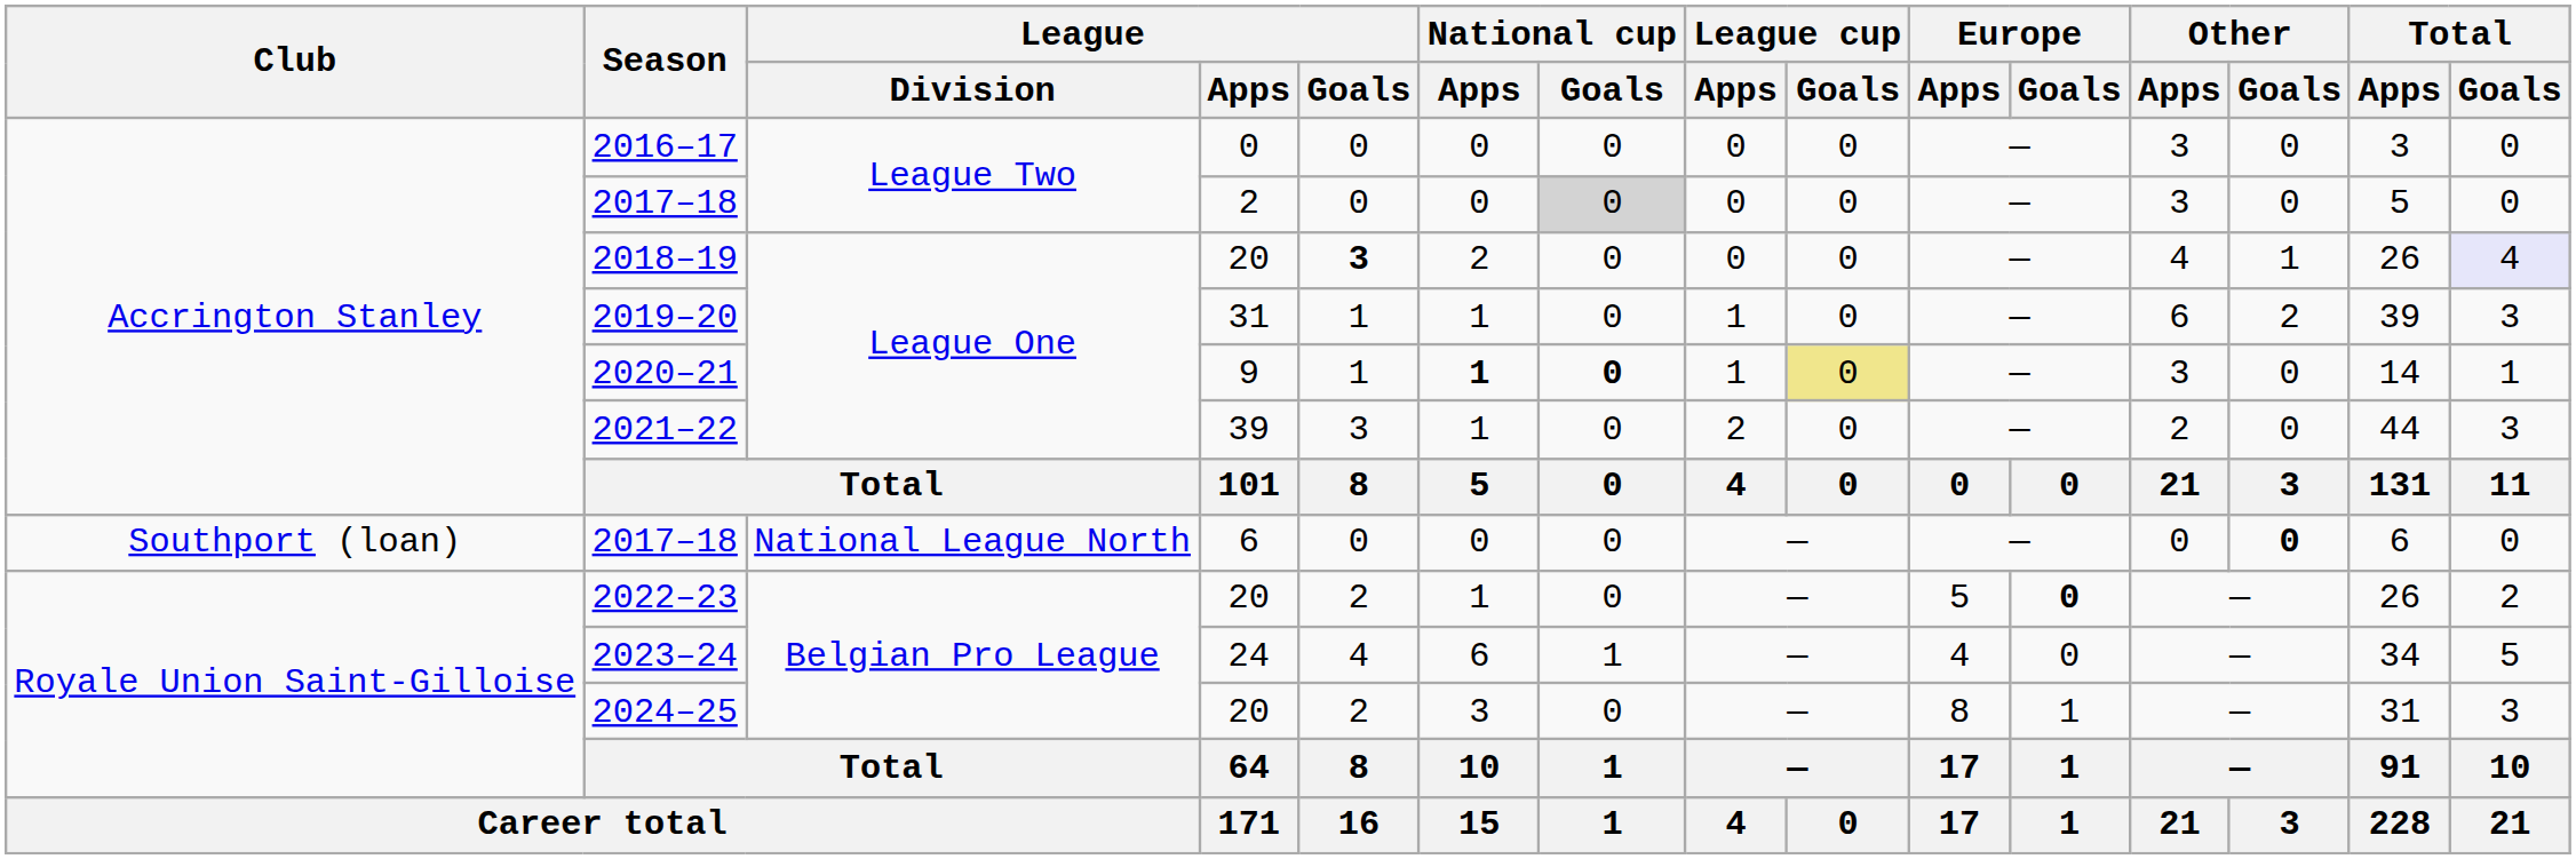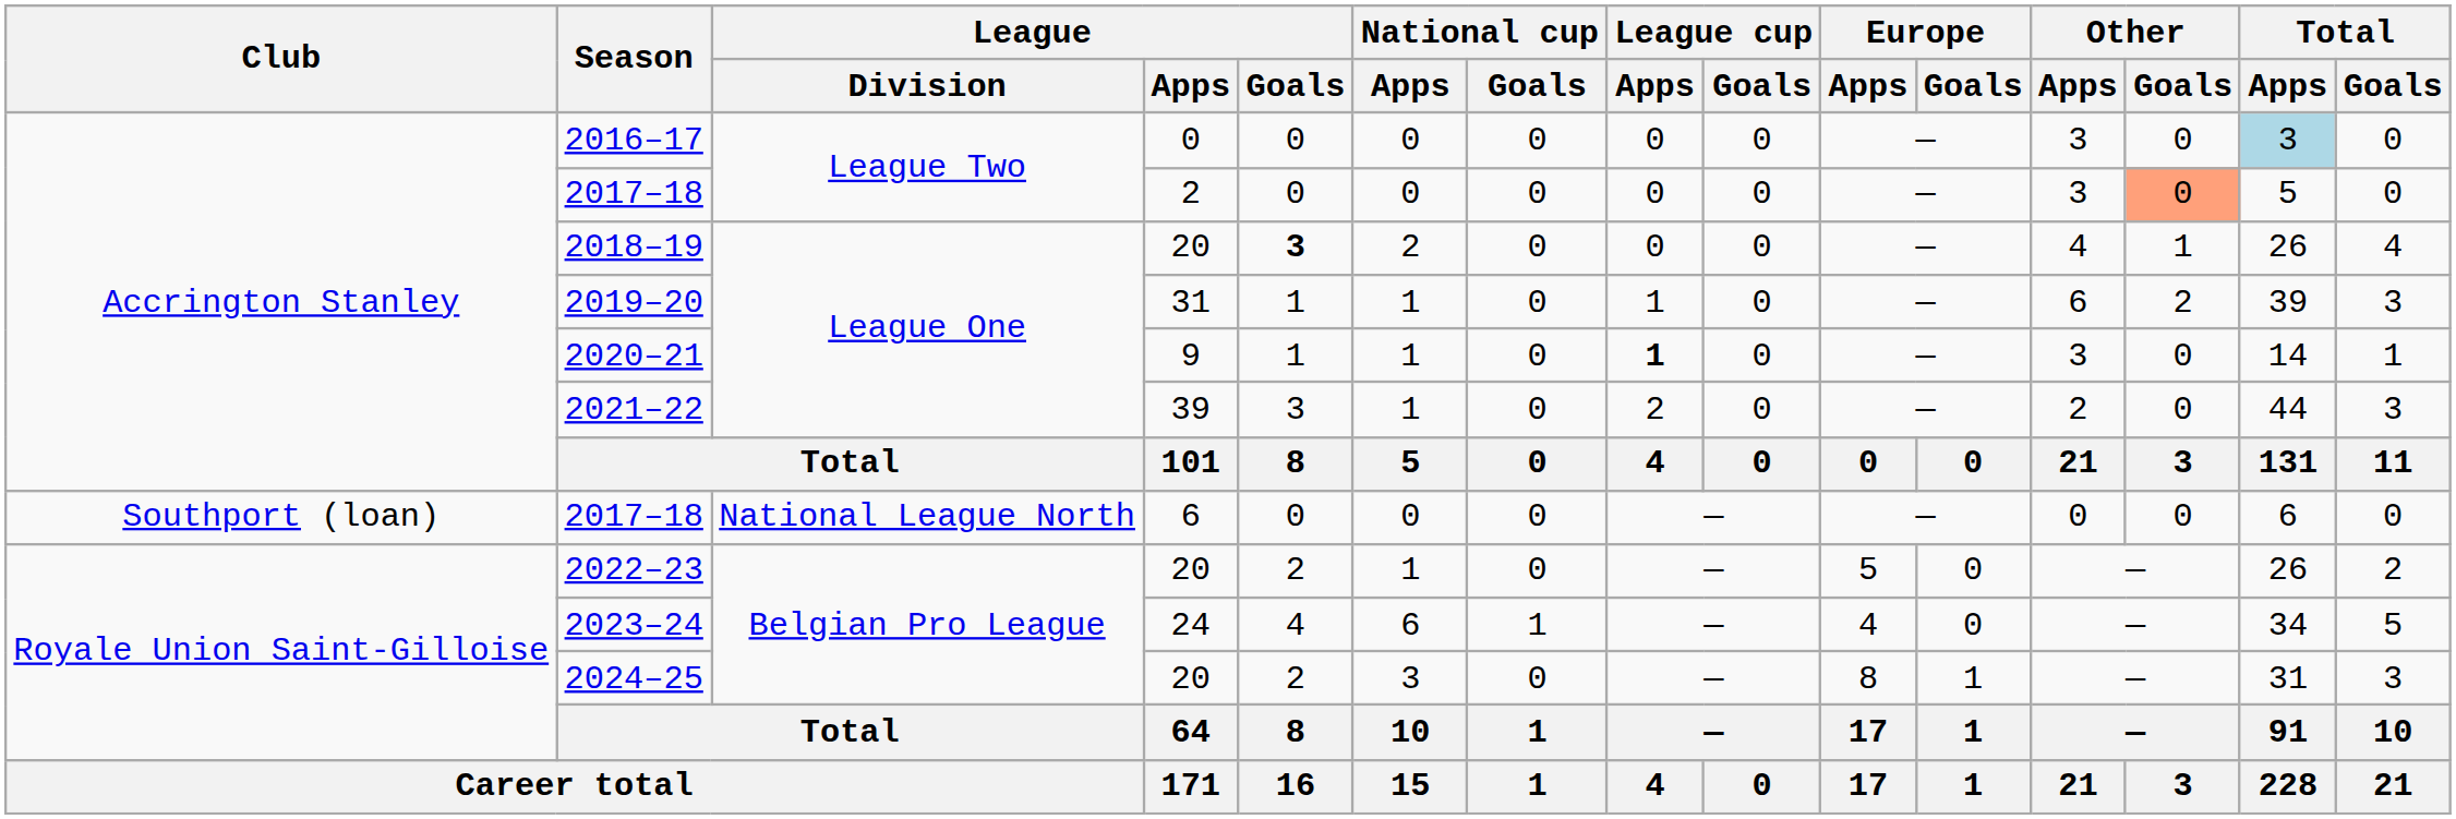 <table class=wikitable style="text-align:center">
 <tr>
 <th rowspan=2>Club</th>
 <th rowspan=2>Season</th>
 <th colspan=3>League</th>
 <th colspan=2>National cup</th>
 <th colspan=2>League cup</th>
 <th colspan=2>Europe</th>
 <th colspan=2>Other</th>
 <th colspan=2>Total</th>
 </tr>
 <tr>
 <th>Division</th>
 <th>Apps</th>
 <th>Goals</th>
 <th>Apps</th>
 <th>Goals</th>
 <th>Apps</th>
 <th>Goals</th>
 <th>Apps</th>
 <th>Goals</th>
 <th>Apps</th>
 <th>Goals</th>
 <th>Apps</th>
 <th>Goals</th>
 </tr>
 <tr>
 <td rowspan="7"><a href='#'>Accrington Stanley</a></td>
 <td><a href='#'>2016–17</a></td>
 <td rowspan="2"><a href='#'>League Two</a></td>
 <td>0</td>
 <td>0</td>
 <td>0</td>
 <td>0</td>
 <td>0</td>
 <td>0</td>
 <td colspan="2">—</td>
 <td>3</td>
 <td>0</td>
-<td>3</td>
+<td style="background: lightblue;">3</td>
 <td>0</td>
 </tr>
 <tr>
 <td><a href='#'>2017–18</a></td>
 <td>2</td>
 <td>0</td>
 <td>0</td>
-<td style="background: lightgrey;">0</td>
+<td>0</td>
 <td>0</td>
 <td>0</td>
 <td colspan="2">—</td>
 <td>3</td>
-<td>0</td>
+<td style="background: lightsalmon;">0</td>
 <td>5</td>
 <td>0</td>
 </tr>
 <tr>
 <td><a href='#'>2018–19</a></td>
 <td rowspan="4"><a href='#'>League One</a></td>
 <td>20</td>
 <td><strong>3</strong></td>
 <td>2</td>
 <td>0</td>
 <td>0</td>
 <td>0</td>
 <td colspan="2">—</td>
 <td>4</td>
 <td>1</td>
 <td>26</td>
-<td style="background: lavender;">4</td>
+<td>4</td>
 </tr>
 <tr>
 <td><a href='#'>2019–20</a></td>
 <td>31</td>
 <td>1</td>
 <td>1</td>
 <td>0</td>
 <td>1</td>
 <td>0</td>
 <td colspan="2">—</td>
 <td>6</td>
 <td>2</td>
 <td>39</td>
 <td>3</td>
 </tr>
 <tr>
 <td><a href='#'>2020–21</a></td>
 <td>9</td>
 <td>1</td>
+<td>1</td>
+<td>0</td>
 <td><strong>1</strong></td>
-<td><strong>0</strong></td>
-<td>1</td>
-<td style="background: khaki;">0</td>
+<td>0</td>
 <td colspan="2">—</td>
 <td>3</td>
 <td>0</td>
 <td>14</td>
 <td>1</td>
 </tr>
 <tr>
 <td><a href='#'>2021–22</a></td>
 <td>39</td>
 <td>3</td>
 <td>1</td>
 <td>0</td>
 <td>2</td>
 <td>0</td>
 <td colspan="2">—</td>
 <td>2</td>
 <td>0</td>
 <td>44</td>
 <td>3</td>
 </tr>
 <tr>
 <th colspan="2">Total</th>
 <th>101</th>
 <th>8</th>
 <th>5</th>
 <th>0</th>
 <th>4</th>
 <th>0</th>
 <th>0</th>
 <th>0</th>
 <th>21</th>
 <th>3</th>
 <th>131</th>
 <th>11</th>
 </tr>
 <tr>
 <td><a href='#'>Southport</a> (loan)</td>
 <td><a href='#'>2017–18</a></td>
 <td><a href='#'>National League North</a></td>
 <td>6</td>
 <td>0</td>
 <td>0</td>
 <td>0</td>
 <td colspan="2">—</td>
 <td colspan="2">—</td>
 <td>0</td>
-<td><strong>0</strong></td>
+<td>0</td>
 <td>6</td>
 <td>0</td>
 </tr>
 <tr>
 <td rowspan="4"><a href='#'>Royale Union Saint-Gilloise</a></td>
 <td><a href='#'>2022–23</a></td>
 <td rowspan="3"><a href='#'>Belgian Pro League</a></td>
 <td>20</td>
 <td>2</td>
 <td>1</td>
 <td>0</td>
 <td colspan="2">—</td>
 <td>5</td>
-<td><strong>0</strong></td>
+<td>0</td>
 <td colspan="2">—</td>
 <td>26</td>
 <td>2</td>
 </tr>
 <tr>
 <td><a href='#'>2023–24</a></td>
 <td>24</td>
 <td>4</td>
 <td>6</td>
 <td>1</td>
 <td colspan="2">—</td>
 <td>4</td>
 <td>0</td>
 <td colspan="2">—</td>
 <td>34</td>
 <td>5</td>
 </tr>
 <tr>
 <td><a href='#'>2024–25</a></td>
 <td>20</td>
 <td>2</td>
 <td>3</td>
 <td>0</td>
 <td colspan="2">—</td>
 <td>8</td>
 <td>1</td>
 <td colspan="2">—</td>
 <td>31</td>
 <td>3</td>
 </tr>
 <tr>
 <th colspan="2">Total</th>
 <th>64</th>
 <th>8</th>
 <th>10</th>
 <th>1</th>
 <th colspan="2">—</th>
 <th>17</th>
 <th>1</th>
 <th colspan="2">—</th>
 <th>91</th>
 <th>10</th>
 </tr>
 <tr>
 <th colspan=3>Career total</th>
 <th>171</th>
 <th>16</th>
 <th>15</th>
 <th>1</th>
 <th>4</th>
 <th>0</th>
 <th>17</th>
 <th>1</th>
 <th>21</th>
 <th>3</th>
 <th>228</th>
 <th>21</th>
 </tr>
 </table>
